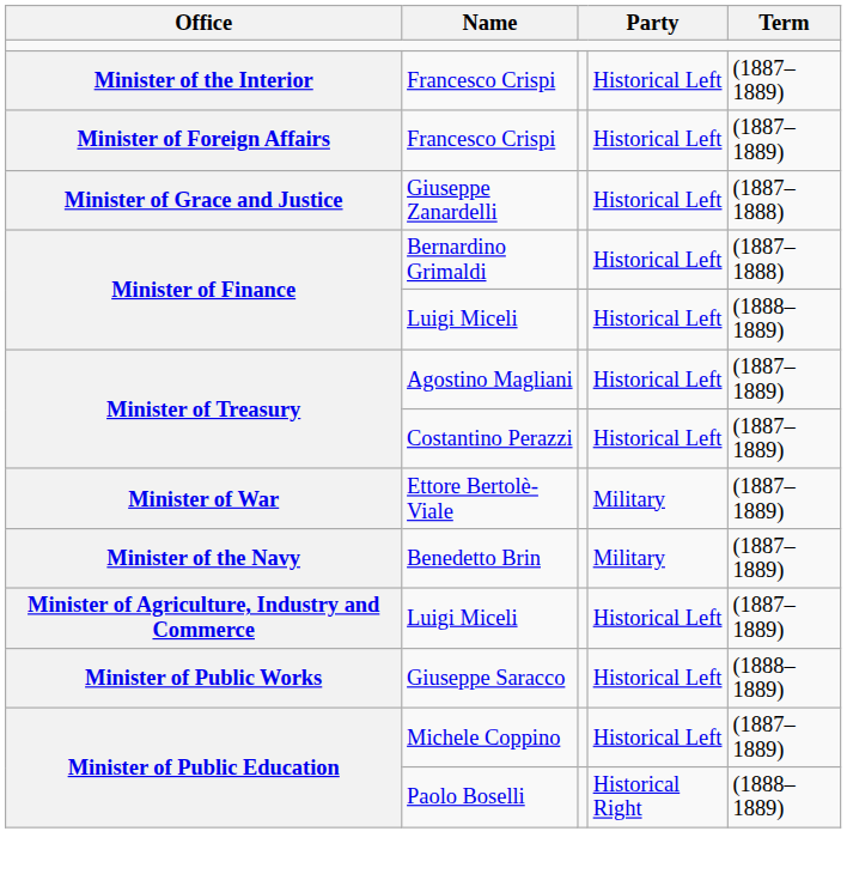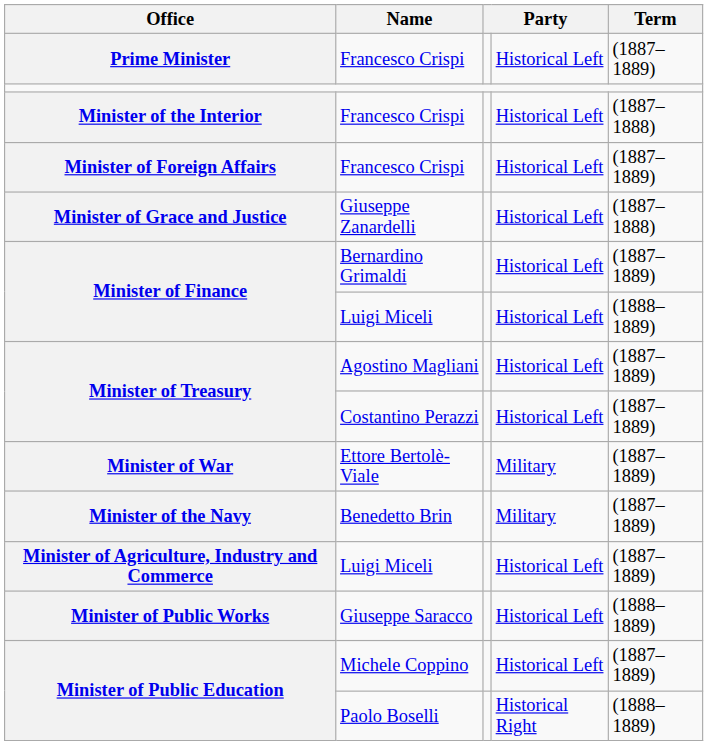 <table class="wikitable" style="font-size: 100%;">
 <tr>
 <th>Office</th>
 <th>Name</th>
 <th colspan=2>Party</th>
 <th>Term</th>
+</tr>
+<tr>
+<th><a href='#'>Prime Minister</a></th>
+<td><a href='#'>Francesco Crispi</a></td>
+<td style="color:inherit;background:"></td>
+<td><a href='#'>Historical Left</a></td>
+<td>(1887–1889)</td>
 </tr>
 <tr>
 <td colspan=5></td>
 </tr>
 <tr>
 <th><a href='#'>Minister of the Interior</a></th>
 <td><a href='#'>Francesco Crispi</a></td>
 <td style="color:inherit;background:"></td>
 <td><a href='#'>Historical Left</a></td>
-<td>(1887–1889)</td>
+<td>(1887–1888)</td>
 </tr>
 <tr>
 <th><a href='#'>Minister of Foreign Affairs</a></th>
 <td><a href='#'>Francesco Crispi</a></td>
 <td style="color:inherit;background:"></td>
 <td><a href='#'>Historical Left</a></td>
 <td>(1887–1889)</td>
 </tr>
 <tr>
 <th><a href='#'>Minister of Grace and Justice</a></th>
 <td><a href='#'>Giuseppe Zanardelli</a></td>
 <td style="color:inherit;background:"></td>
 <td><a href='#'>Historical Left</a></td>
 <td>(1887–1888)</td>
 </tr>
 <tr>
 <th rowspan=2><a href='#'>Minister of Finance</a></th>
 <td><a href='#'>Bernardino Grimaldi</a></td>
 <td style="color:inherit;background:"></td>
 <td><a href='#'>Historical Left</a></td>
-<td>(1887–1888)</td>
+<td>(1887–1889)</td>
 </tr>
 <tr>
 <td><a href='#'>Luigi Miceli</a></td>
 <td style="color:inherit;background:"></td>
 <td><a href='#'>Historical Left</a></td>
 <td>(1888–1889)</td>
 </tr>
 <tr>
 <th rowspan=2><a href='#'>Minister of Treasury</a></th>
 <td><a href='#'>Agostino Magliani</a></td>
 <td style="color:inherit;background:"></td>
 <td><a href='#'>Historical Left</a></td>
 <td>(1887–1889)</td>
 </tr>
 <tr>
 <td><a href='#'>Costantino Perazzi</a></td>
 <td style="color:inherit;background:"></td>
 <td><a href='#'>Historical Left</a></td>
 <td>(1887–1889)</td>
 </tr>
 <tr>
 <th><a href='#'>Minister of War</a></th>
 <td><a href='#'>Ettore Bertolè-Viale</a></td>
 <td style="color:inherit;background:"></td>
 <td><a href='#'>Military</a></td>
 <td>(1887–1889)</td>
 </tr>
 <tr>
 <th><a href='#'>Minister of the Navy</a></th>
 <td><a href='#'>Benedetto Brin</a></td>
 <td style="color:inherit;background:"></td>
 <td><a href='#'>Military</a></td>
 <td>(1887–1889)</td>
 </tr>
 <tr>
 <th><a href='#'>Minister of Agriculture, Industry and Commerce</a></th>
 <td><a href='#'>Luigi Miceli</a></td>
 <td style="color:inherit;background:"></td>
 <td><a href='#'>Historical Left</a></td>
 <td>(1887–1889)</td>
 </tr>
 <tr>
 <th><a href='#'>Minister of Public Works</a></th>
 <td><a href='#'>Giuseppe Saracco</a></td>
 <td style="color:inherit;background:"></td>
 <td><a href='#'>Historical Left</a></td>
 <td>(1888–1889)</td>
 </tr>
 <tr>
 <th rowspan=2><a href='#'>Minister of Public Education</a></th>
 <td><a href='#'>Michele Coppino</a></td>
 <td style="color:inherit;background:"></td>
 <td><a href='#'>Historical Left</a></td>
 <td>(1887–1889)</td>
 </tr>
 <tr>
 <td><a href='#'>Paolo Boselli</a></td>
 <td style="color:inherit;background:"></td>
 <td><a href='#'>Historical Right</a></td>
 <td>(1888–1889)</td>
 </tr>
 </table>
